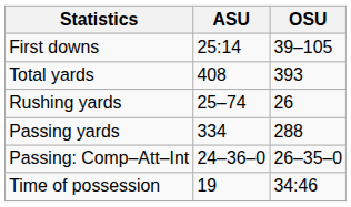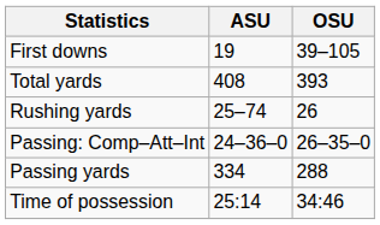 <table class="wikitable" style="float: left;">
 <tr>
 <th>Statistics</th>
 <th>ASU</th>
 <th>OSU</th>
 </tr>
 <tr>
 <td>First downs</td>
-<td>25:14</td>
+<td>19</td>
 <td>39–105</td>
 </tr>
 <tr>
 <td>Total yards</td>
 <td>408</td>
 <td>393</td>
 </tr>
 <tr>
 <td>Rushing yards</td>
 <td>25–74</td>
 <td>26</td>
 </tr>
 <tr>
+<td>Passing: Comp–Att–Int</td>
+<td>24–36–0</td>
+<td>26–35–0</td>
+</tr>
+<tr>
 <td>Passing yards</td>
 <td>334</td>
 <td>288</td>
 </tr>
 <tr>
-<td>Passing: Comp–Att–Int</td>
-<td>24–36–0</td>
-<td>26–35–0</td>
-</tr>
-<tr>
 <td>Time of possession</td>
-<td>19</td>
+<td>25:14</td>
 <td>34:46</td>
 </tr>
 <tr>
 </tr>
 </table>
